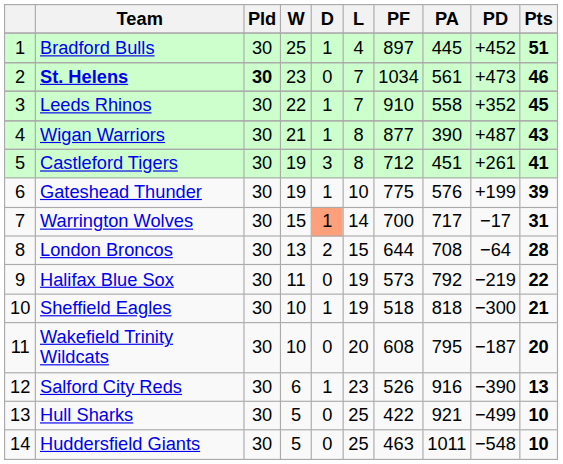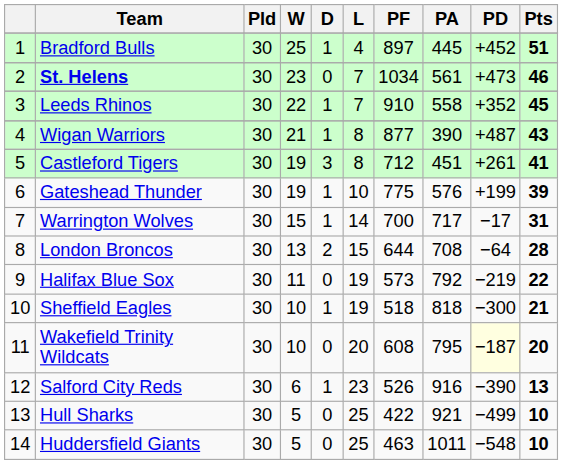 <table class="wikitable" style="text-align:center;">
 <tr>
 <th width=20 abbr="Position"></th>
 <th width=175>Team</th>
 <th width=20 abbr="Played">Pld</th>
 <th width=20 abbr="Won">W</th>
 <th width=20 abbr="Drawn">D</th>
 <th width=20 abbr="Lost">L</th>
 <th width=20 abbr="Points for">PF</th>
 <th width=20 abbr="Points against">PA</th>
 <th width=20 abbr="Points difference">PD</th>
 <th width=20 abbr="Points">Pts</th>
 </tr>
 <tr>
 </tr>
 <tr style="background:#ccffcc;">
 <td>1</td>
 <td style="text-align:left;"> <a href='#'>Bradford Bulls</a></td>
 <td>30</td>
 <td>25</td>
 <td>1</td>
 <td>4</td>
 <td>897</td>
 <td>445</td>
 <td>+452</td>
 <td><strong>51</strong></td>
 </tr>
 <tr>
 </tr>
 <tr style="background:#ccffcc;">
 <td>2</td>
 <td style="text-align:left;"> <strong><a href='#'>St. Helens</a></strong></td>
-<td><strong>30</strong></td>
+<td>30</td>
 <td>23</td>
 <td>0</td>
 <td>7</td>
 <td>1034</td>
 <td>561</td>
 <td>+473</td>
 <td><strong>46</strong></td>
 </tr>
 <tr>
 </tr>
 <tr style="background:#ccffcc;">
 <td>3</td>
 <td style="text-align:left;"> <a href='#'>Leeds Rhinos</a></td>
 <td>30</td>
 <td>22</td>
 <td>1</td>
 <td>7</td>
 <td>910</td>
 <td>558</td>
 <td>+352</td>
 <td><strong>45</strong></td>
 </tr>
 <tr>
 </tr>
 <tr style="background:#ccffcc;">
 <td>4</td>
 <td style="text-align:left;"> <a href='#'>Wigan Warriors</a></td>
 <td>30</td>
 <td>21</td>
 <td>1</td>
 <td>8</td>
 <td>877</td>
 <td>390</td>
 <td>+487</td>
 <td><strong>43</strong></td>
 </tr>
 <tr>
 </tr>
 <tr style="background:#ccffcc;">
 <td>5</td>
 <td style="text-align:left;"> <a href='#'>Castleford Tigers</a></td>
 <td>30</td>
 <td>19</td>
 <td>3</td>
 <td>8</td>
 <td>712</td>
 <td>451</td>
 <td>+261</td>
 <td><strong>41</strong></td>
 </tr>
 <tr>
 <td>6</td>
 <td style="text-align:left;"> <a href='#'>Gateshead Thunder</a></td>
 <td>30</td>
 <td>19</td>
 <td>1</td>
 <td>10</td>
 <td>775</td>
 <td>576</td>
 <td>+199</td>
 <td><strong>39</strong></td>
 </tr>
 <tr>
 <td>7</td>
 <td style="text-align:left;"> <a href='#'>Warrington Wolves</a></td>
 <td>30</td>
 <td>15</td>
-<td style="background: lightsalmon;">1</td>
+<td>1</td>
 <td>14</td>
 <td>700</td>
 <td>717</td>
 <td>−17</td>
 <td><strong>31</strong></td>
 </tr>
 <tr>
 <td>8</td>
 <td style="text-align:left;"><a href='#'>London Broncos</a></td>
 <td>30</td>
 <td>13</td>
 <td>2</td>
 <td>15</td>
 <td>644</td>
 <td>708</td>
 <td>−64</td>
 <td><strong>28</strong></td>
 </tr>
 <tr>
 <td>9</td>
 <td style="text-align:left;"> <a href='#'>Halifax Blue Sox</a></td>
 <td>30</td>
 <td>11</td>
 <td>0</td>
 <td>19</td>
 <td>573</td>
 <td>792</td>
 <td>−219</td>
 <td><strong>22</strong></td>
 </tr>
 <tr>
 <td>10</td>
 <td style="text-align:left;"> <a href='#'>Sheffield Eagles</a></td>
 <td>30</td>
 <td>10</td>
 <td>1</td>
 <td>19</td>
 <td>518</td>
 <td>818</td>
 <td>−300</td>
 <td><strong>21</strong></td>
 </tr>
 <tr>
 <td>11</td>
 <td style="text-align:left;"> <a href='#'>Wakefield Trinity Wildcats</a></td>
 <td>30</td>
 <td>10</td>
 <td>0</td>
 <td>20</td>
 <td>608</td>
 <td>795</td>
-<td>−187</td>
+<td style="background: lightyellow;">−187</td>
 <td><strong>20</strong></td>
 </tr>
 <tr>
 <td>12</td>
 <td style="text-align:left;"> <a href='#'>Salford City Reds</a></td>
 <td>30</td>
 <td>6</td>
 <td>1</td>
 <td>23</td>
 <td>526</td>
 <td>916</td>
 <td>−390</td>
 <td><strong>13</strong></td>
 </tr>
 <tr>
 <td>13</td>
 <td style="text-align:left;"> <a href='#'>Hull Sharks</a></td>
 <td>30</td>
 <td>5</td>
 <td>0</td>
 <td>25</td>
 <td>422</td>
 <td>921</td>
 <td>−499</td>
 <td><strong>10</strong></td>
 </tr>
 <tr>
 <td>14</td>
 <td style="text-align:left;"> <a href='#'>Huddersfield Giants</a></td>
 <td>30</td>
 <td>5</td>
 <td>0</td>
 <td>25</td>
 <td>463</td>
 <td>1011</td>
 <td>−548</td>
 <td><strong>10</strong></td>
 </tr>
 </table>
